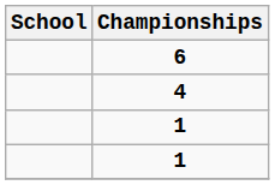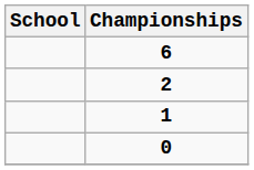 <table class="wikitable sortable" style="text-align:center">
 <tr>
 <th>School</th>
 <th>Championships</th>
 </tr>
 <tr>
 <td><strong><a href='#'></a></strong></td>
 <td><strong>6</strong></td>
 </tr>
 <tr>
 <td><strong><a href='#'></a></strong></td>
-<td><strong>4</strong></td>
+<td><strong>2</strong></td>
 </tr>
 <tr>
 <td><strong><a href='#'></a></strong></td>
 <td><strong>1</strong></td>
 </tr>
 <tr>
 <td><strong><a href='#'></a></strong></td>
-<td><strong>1</strong></td>
+<td><strong>0</strong></td>
 </tr>
 <tr>
 </tr>
 </table>
